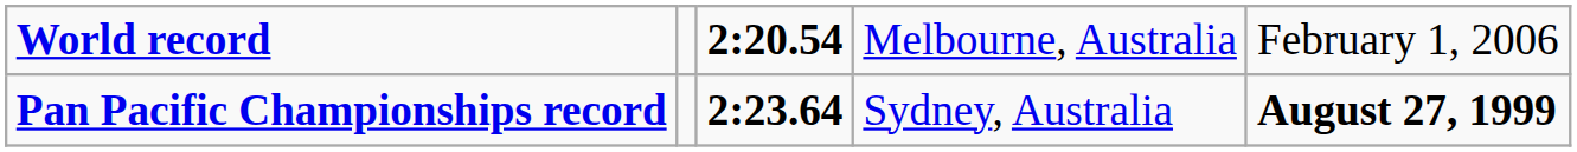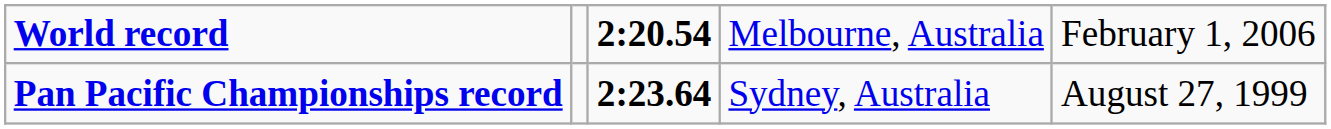 <table class="wikitable">
 <tr>
 <td><strong><a href='#'>World record</a></strong></td>
 <td></td>
 <td><strong>2:20.54</strong></td>
 <td><a href='#'>Melbourne</a>, <a href='#'>Australia</a></td>
 <td>February 1, 2006</td>
 </tr>
 <tr>
 <td><strong><a href='#'>Pan Pacific Championships record</a></strong></td>
 <td></td>
 <td><strong>2:23.64</strong></td>
 <td><a href='#'>Sydney</a>, <a href='#'>Australia</a></td>
-<td><strong>August 27, 1999</strong></td>
+<td>August 27, 1999</td>
 </tr>
 </table>
